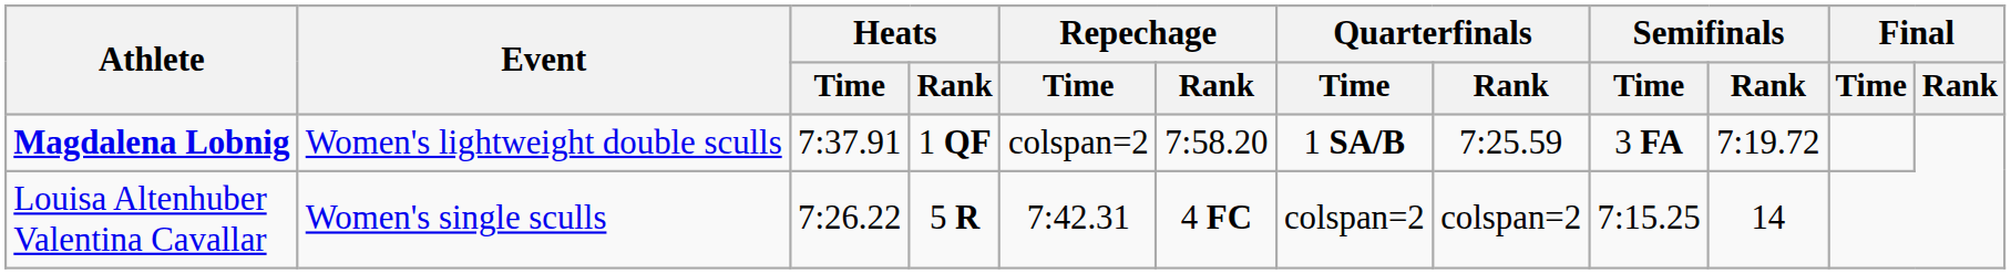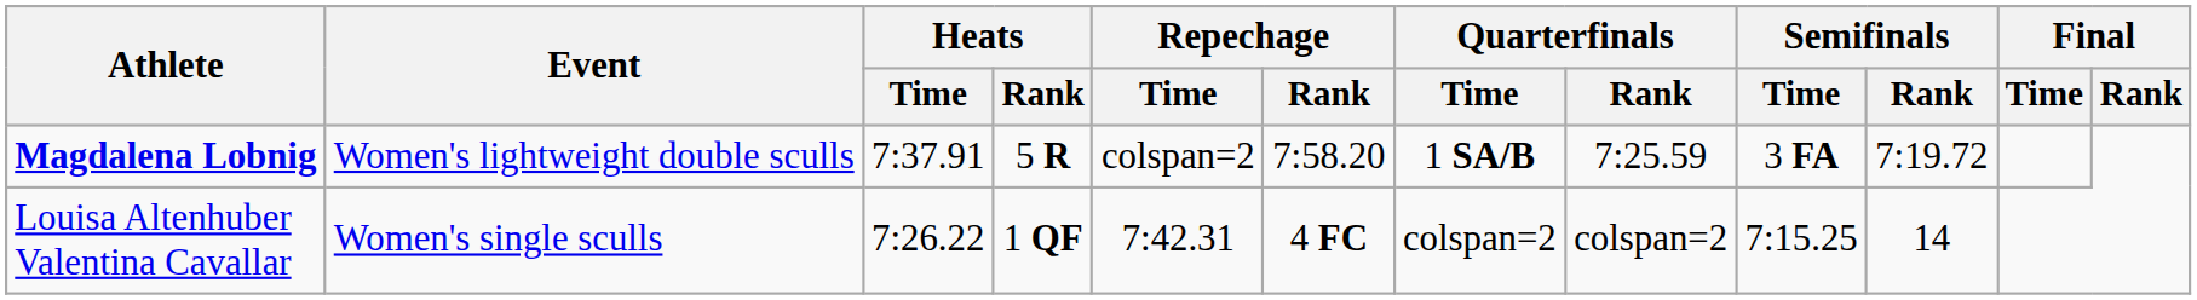 <table class="wikitable" style="font-size:90%">
 <tr>
 <th rowspan="2">Athlete</th>
 <th rowspan="2">Event</th>
 <th colspan="2">Heats</th>
 <th colspan="2">Repechage</th>
 <th colspan="2">Quarterfinals</th>
 <th colspan="2">Semifinals</th>
 <th colspan="2">Final</th>
 </tr>
 <tr style="font-size:95%">
 <th>Time</th>
 <th>Rank</th>
 <th>Time</th>
 <th>Rank</th>
 <th>Time</th>
 <th>Rank</th>
 <th>Time</th>
 <th>Rank</th>
 <th>Time</th>
 <th>Rank</th>
 </tr>
 <tr align=center>
 <td align=left><strong><a href='#'>Magdalena Lobnig</a></strong></td>
 <td align=left><a href='#'>Women's lightweight double sculls</a></td>
 <td>7:37.91</td>
-<td>1 <strong>QF</strong></td>
+<td>5 <strong>R</strong></td>
 <td>colspan=2 </td>
 <td>7:58.20</td>
 <td>1 <strong>SA/B</strong></td>
 <td>7:25.59</td>
 <td>3 <strong>FA</strong></td>
 <td>7:19.72</td>
 <td></td>
 </tr>
 <tr align=center>
 <td align=left><a href='#'>Louisa Altenhuber</a><br><a href='#'>Valentina Cavallar</a></td>
 <td align=left><a href='#'>Women's single sculls</a></td>
 <td>7:26.22</td>
-<td>5 <strong>R</strong></td>
+<td>1 <strong>QF</strong></td>
 <td>7:42.31</td>
 <td>4 <strong>FC</strong></td>
 <td>colspan=2 </td>
 <td>colspan=2 </td>
 <td>7:15.25</td>
 <td>14</td>
 </tr>
 </table>
